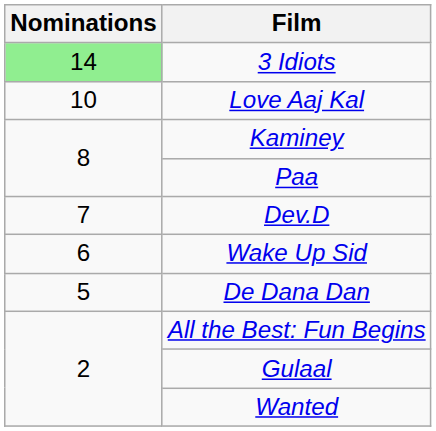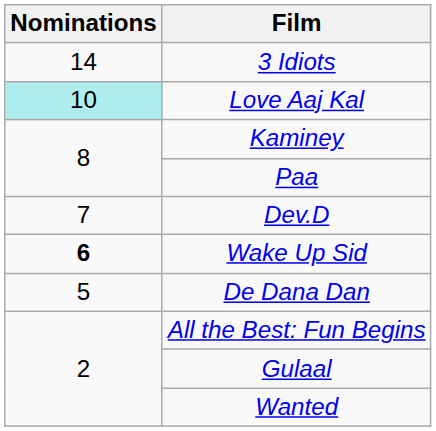 <table class="wikitable plainrowheaders" style="text-align:center;">
 <tr>
 <th scope="col" style="width:55px;">Nominations</th>
 <th scope="col" style="text-align:center;">Film</th>
 </tr>
 <tr>
-<td scope="row" style="background: lightgreen; text-align:center">14</td>
+<td scope="row" style="text-align:center">14</td>
 <td><em><a href='#'>3 Idiots</a></em></td>
 </tr>
 <tr>
-<td scope="row" style="text-align:center">10</td>
+<td scope="row" style="background: paleturquoise; text-align:center">10</td>
 <td><a href='#'><em>Love Aaj Kal</em></a></td>
 </tr>
 <tr>
 <td rowspan="2">8</td>
 <td><em><a href='#'>Kaminey</a></em></td>
 </tr>
 <tr>
 <td><a href='#'><em>Paa</em></a></td>
 </tr>
 <tr>
 <td>7</td>
 <td><em><a href='#'>Dev.D</a></em></td>
 </tr>
 <tr>
-<td>6</td>
+<td><strong>6</strong></td>
 <td><em><a href='#'>Wake Up Sid</a></em></td>
 </tr>
 <tr>
 <td>5</td>
 <td><em><a href='#'>De Dana Dan</a></em></td>
 </tr>
 <tr>
 <td rowspan="3">2</td>
 <td><em><a href='#'>All the Best: Fun Begins</a></em></td>
 </tr>
 <tr>
 <td><a href='#'><em>Gulaal</em></a></td>
 </tr>
 <tr>
 <td><em><a href='#'>Wanted</a></em></td>
 </tr>
 </table>
